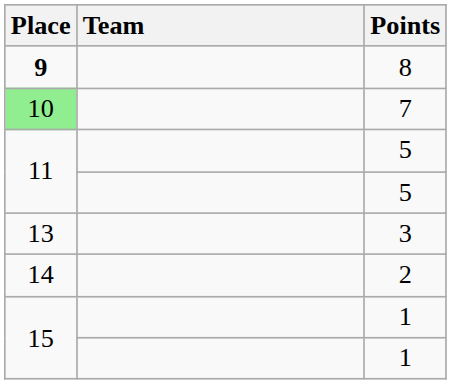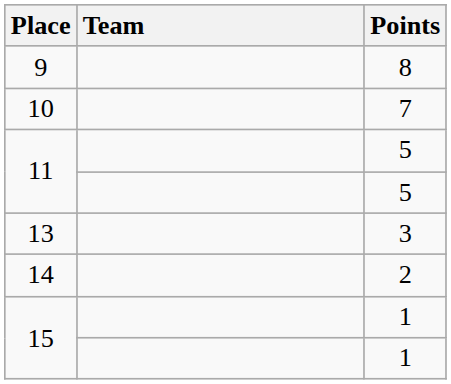 <table class="wikitable" style="text-align:center; padding-bottom:0;">
 <tr>
 <th>Place</th>
 <th style="width:10.5em; text-align:left;">Team</th>
 <th>Points</th>
 </tr>
 <tr>
-<td><strong>9</strong></td>
+<td>9</td>
 <td align=left></td>
 <td>8</td>
 </tr>
 <tr>
-<td style="background: lightgreen;">10</td>
+<td>10</td>
 <td align=left></td>
 <td>7</td>
 </tr>
 <tr>
 <td rowspan=2>11</td>
 <td align=left></td>
 <td>5</td>
 </tr>
 <tr>
 <td align=left></td>
 <td>5</td>
 </tr>
 <tr>
 <td>13</td>
 <td align=left></td>
 <td>3</td>
 </tr>
 <tr>
 <td>14</td>
 <td align=left></td>
 <td>2</td>
 </tr>
 <tr>
 <td rowspan=2>15</td>
 <td align=left></td>
 <td>1</td>
 </tr>
 <tr>
 <td align=left></td>
 <td>1</td>
 </tr>
 </table>
